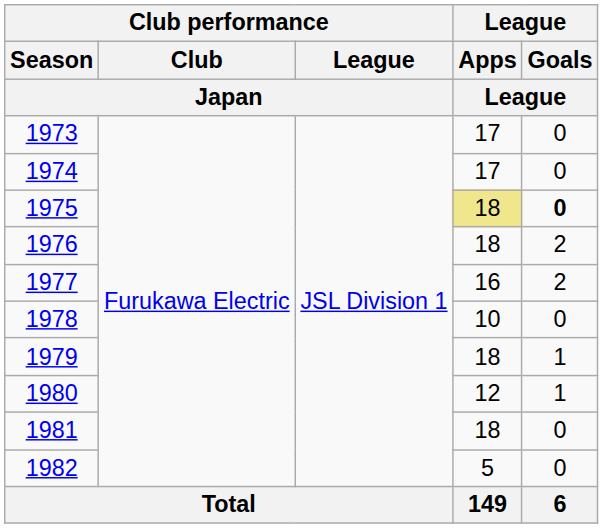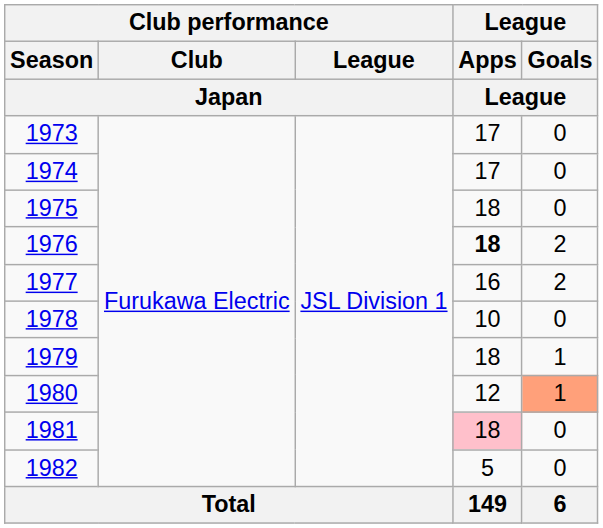 <table class="wikitable" style="text-align:center;">
 <tr>
 <th colspan=3>Club performance</th>
 <th colspan=2>League</th>
 </tr>
 <tr>
 <th>Season</th>
 <th>Club</th>
 <th>League</th>
 <th>Apps</th>
 <th>Goals</th>
 </tr>
 <tr>
 <th colspan=3>Japan</th>
 <th colspan=2>League</th>
 </tr>
 <tr>
 <td><a href='#'>1973</a></td>
 <td rowspan="10"><a href='#'>Furukawa Electric</a></td>
 <td rowspan="10"><a href='#'>JSL Division 1</a></td>
 <td>17</td>
 <td>0</td>
 </tr>
 <tr>
 <td><a href='#'>1974</a></td>
 <td>17</td>
 <td>0</td>
 </tr>
 <tr>
 <td><a href='#'>1975</a></td>
-<td style="background: khaki;">18</td>
-<td><strong>0</strong></td>
+<td>18</td>
+<td>0</td>
 </tr>
 <tr>
 <td><a href='#'>1976</a></td>
-<td>18</td>
+<td><strong>18</strong></td>
 <td>2</td>
 </tr>
 <tr>
 <td><a href='#'>1977</a></td>
 <td>16</td>
 <td>2</td>
 </tr>
 <tr>
 <td><a href='#'>1978</a></td>
 <td>10</td>
 <td>0</td>
 </tr>
 <tr>
 <td><a href='#'>1979</a></td>
 <td>18</td>
 <td>1</td>
 </tr>
 <tr>
 <td><a href='#'>1980</a></td>
 <td>12</td>
-<td>1</td>
+<td style="background: lightsalmon;">1</td>
 </tr>
 <tr>
 <td><a href='#'>1981</a></td>
-<td>18</td>
+<td style="background: pink;">18</td>
 <td>0</td>
 </tr>
 <tr>
 <td><a href='#'>1982</a></td>
 <td>5</td>
 <td>0</td>
 </tr>
 <tr>
 <th colspan=3>Total</th>
 <th>149</th>
 <th>6</th>
 </tr>
 </table>
